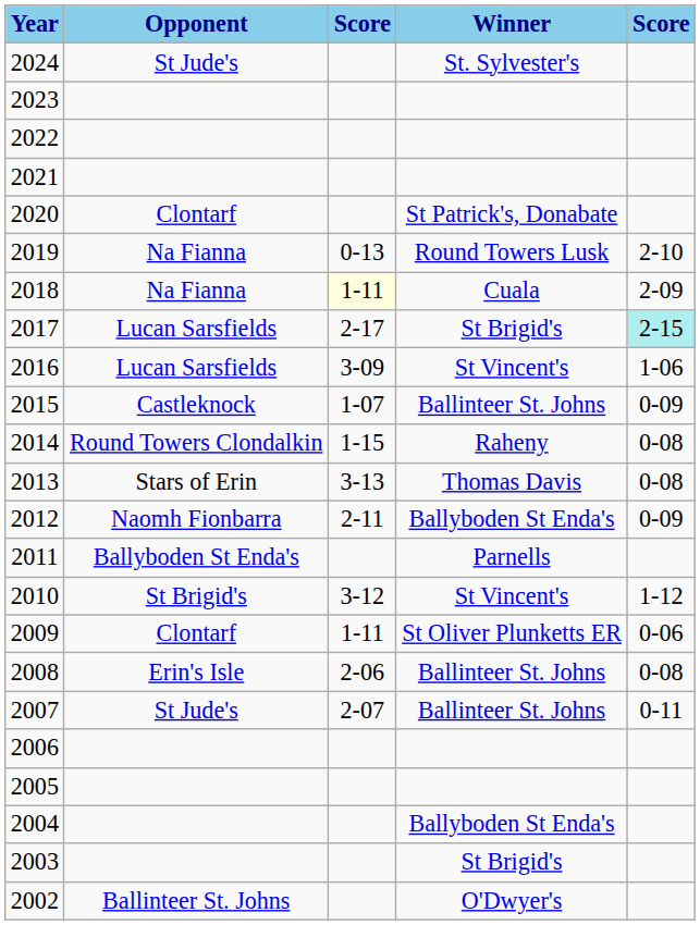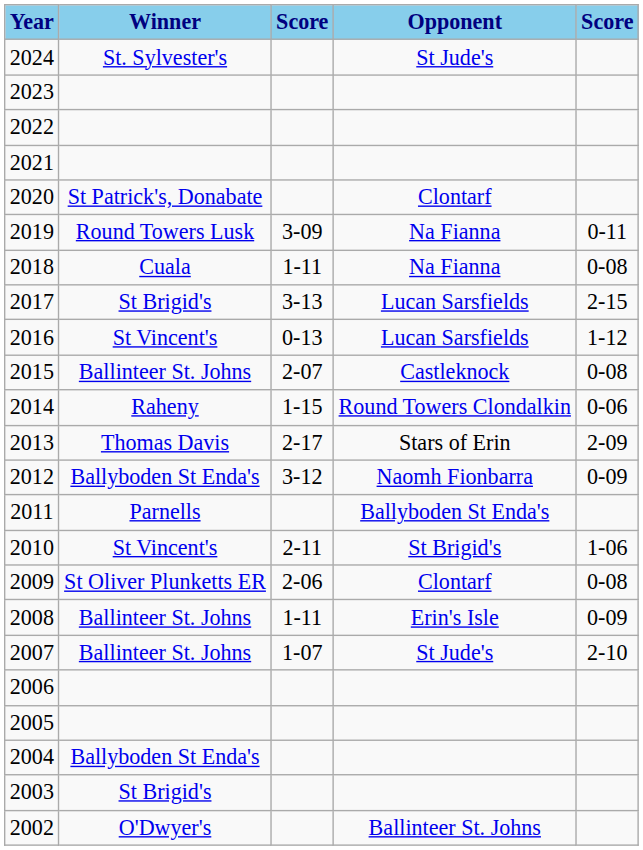 <table class="wikitable" style="text-align:center;">
 <tr>
 <th style="background:skyblue;color:navy;">Year</th>
+<th style="background:skyblue;color:navy;">Winner</th>
+<th style="background:skyblue;color:navy;">Score</th>
 <th style="background:skyblue;color:navy;">Opponent</th>
-<th style="background:skyblue;color:navy;">Score</th>
-<th style="background:skyblue;color:navy;">Winner</th>
 <th style="background:skyblue;color:navy;">Score</th>
 </tr>
 <tr>
 <td>2024</td>
+<td><a href='#'>St. Sylvester's</a></td>
+<td></td>
 <td><a href='#'>St Jude's</a></td>
-<td></td>
-<td><a href='#'>St. Sylvester's</a></td>
 <td></td>
 </tr>
 <tr>
 <td>2023</td>
 <td></td>
 <td></td>
 <td></td>
 <td></td>
 </tr>
 <tr>
 <td>2022</td>
 <td></td>
 <td></td>
 <td></td>
 <td></td>
 </tr>
 <tr>
 <td>2021</td>
 <td></td>
 <td></td>
 <td></td>
 <td></td>
 </tr>
 <tr>
 <td>2020</td>
+<td><a href='#'>St Patrick's, Donabate</a></td>
+<td></td>
 <td><a href='#'>Clontarf</a></td>
-<td></td>
-<td><a href='#'>St Patrick's, Donabate</a></td>
 <td></td>
 </tr>
 <tr>
 <td>2019</td>
+<td><a href='#'>Round Towers Lusk</a></td>
+<td>3-09</td>
 <td><a href='#'>Na Fianna</a></td>
-<td>0-13</td>
-<td><a href='#'>Round Towers Lusk</a></td>
-<td>2-10</td>
+<td>0-11</td>
 </tr>
 <tr>
 <td>2018</td>
+<td><a href='#'>Cuala</a></td>
+<td>1-11</td>
 <td><a href='#'>Na Fianna</a></td>
-<td style="background: lightyellow;">1-11</td>
-<td><a href='#'>Cuala</a></td>
+<td>0-08</td>
+</tr>
+<tr>
+<td>2017</td>
+<td><a href='#'>St Brigid's</a></td>
+<td>3-13</td>
+<td><a href='#'>Lucan Sarsfields</a></td>
+<td>2-15</td>
+</tr>
+<tr>
+<td>2016</td>
+<td><a href='#'>St Vincent's</a></td>
+<td>0-13</td>
+<td><a href='#'>Lucan Sarsfields</a></td>
+<td>1-12</td>
+</tr>
+<tr>
+<td>2015</td>
+<td><a href='#'>Ballinteer St. Johns</a></td>
+<td>2-07</td>
+<td><a href='#'>Castleknock</a></td>
+<td>0-08</td>
+</tr>
+<tr>
+<td>2014</td>
+<td><a href='#'>Raheny</a></td>
+<td>1-15</td>
+<td><a href='#'>Round Towers Clondalkin</a></td>
+<td>0-06</td>
+</tr>
+<tr>
+<td>2013</td>
+<td><a href='#'>Thomas Davis</a></td>
+<td>2-17</td>
+<td>Stars of Erin</td>
 <td>2-09</td>
 </tr>
 <tr>
-<td>2017</td>
-<td><a href='#'>Lucan Sarsfields</a></td>
-<td>2-17</td>
-<td><a href='#'>St Brigid's</a></td>
-<td style="background: paleturquoise;">2-15</td>
-</tr>
-<tr>
-<td>2016</td>
-<td><a href='#'>Lucan Sarsfields</a></td>
-<td>3-09</td>
-<td><a href='#'>St Vincent's</a></td>
-<td>1-06</td>
-</tr>
-<tr>
-<td>2015</td>
-<td><a href='#'>Castleknock</a></td>
-<td>1-07</td>
-<td><a href='#'>Ballinteer St. Johns</a></td>
-<td>0-09</td>
-</tr>
-<tr>
-<td>2014</td>
-<td><a href='#'>Round Towers Clondalkin</a></td>
-<td>1-15</td>
-<td><a href='#'>Raheny</a></td>
-<td>0-08</td>
-</tr>
-<tr>
-<td>2013</td>
-<td>Stars of Erin</td>
-<td>3-13</td>
-<td><a href='#'>Thomas Davis</a></td>
-<td>0-08</td>
-</tr>
-<tr>
 <td>2012</td>
+<td><a href='#'>Ballyboden St Enda's</a></td>
+<td>3-12</td>
 <td><a href='#'>Naomh Fionbarra</a></td>
-<td>2-11</td>
-<td><a href='#'>Ballyboden St Enda's</a></td>
 <td>0-09</td>
 </tr>
 <tr>
 <td>2011</td>
+<td><a href='#'>Parnells</a></td>
+<td></td>
 <td><a href='#'>Ballyboden St Enda's</a></td>
-<td></td>
-<td><a href='#'>Parnells</a></td>
 <td></td>
 </tr>
 <tr>
 <td>2010</td>
+<td><a href='#'>St Vincent's</a></td>
+<td>2-11</td>
 <td><a href='#'>St Brigid's</a></td>
-<td>3-12</td>
-<td><a href='#'>St Vincent's</a></td>
-<td>1-12</td>
+<td>1-06</td>
 </tr>
 <tr>
 <td>2009</td>
+<td><a href='#'>St Oliver Plunketts ER</a></td>
+<td>2-06</td>
 <td><a href='#'>Clontarf</a></td>
-<td>1-11</td>
-<td><a href='#'>St Oliver Plunketts ER</a></td>
-<td>0-06</td>
+<td>0-08</td>
 </tr>
 <tr>
 <td>2008</td>
+<td><a href='#'>Ballinteer St. Johns</a></td>
+<td>1-11</td>
 <td><a href='#'>Erin's Isle</a></td>
-<td>2-06</td>
-<td><a href='#'>Ballinteer St. Johns</a></td>
-<td>0-08</td>
+<td>0-09</td>
 </tr>
 <tr>
 <td>2007</td>
+<td><a href='#'>Ballinteer St. Johns</a></td>
+<td>1-07</td>
 <td><a href='#'>St Jude's</a></td>
-<td>2-07</td>
-<td><a href='#'>Ballinteer St. Johns</a></td>
-<td>0-11</td>
+<td>2-10</td>
 </tr>
 <tr>
 <td>2006</td>
 <td></td>
 <td></td>
 <td></td>
 <td></td>
 </tr>
 <tr>
 <td>2005</td>
 <td></td>
 <td></td>
 <td></td>
 <td></td>
 </tr>
 <tr>
 <td>2004</td>
+<td><a href='#'>Ballyboden St Enda's</a></td>
 <td></td>
 <td></td>
-<td><a href='#'>Ballyboden St Enda's</a></td>
 <td></td>
 </tr>
 <tr>
 <td>2003</td>
+<td><a href='#'>St Brigid's</a></td>
 <td></td>
 <td></td>
-<td><a href='#'>St Brigid's</a></td>
 <td></td>
 </tr>
 <tr>
 <td>2002</td>
+<td><a href='#'>O'Dwyer's</a></td>
+<td></td>
 <td><a href='#'>Ballinteer St. Johns</a></td>
-<td></td>
-<td><a href='#'>O'Dwyer's</a></td>
 <td></td>
 </tr>
 </table>
